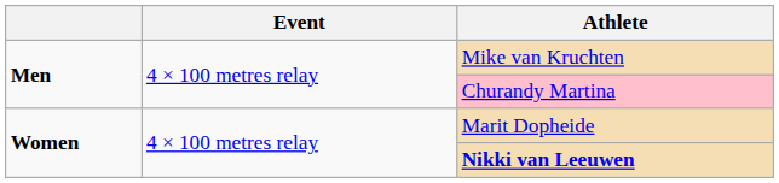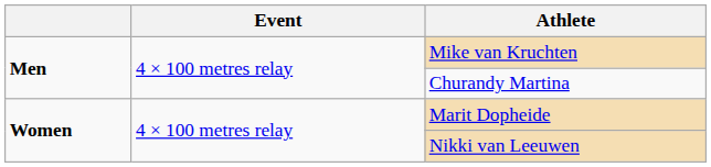 <table class=wikitable style="font-size:90%" width=60%>
 <tr>
 <th></th>
 <th>Event</th>
 <th>Athlete</th>
 </tr>
 <tr>
 <td rowspan=2><strong>Men</strong></td>
 <td rowspan=2><a href='#'>4 × 100 metres relay</a></td>
 <td bgcolor="wheat"><a href='#'>Mike van Kruchten</a></td>
 </tr>
 <tr>
-<td style="background: pink;"><a href='#'>Churandy Martina</a></td>
+<td><a href='#'>Churandy Martina</a></td>
 </tr>
 <tr>
 <td rowspan=2><strong>Women</strong></td>
 <td rowspan=2><a href='#'>4 × 100 metres relay</a></td>
 <td bgcolor="wheat"><a href='#'>Marit Dopheide</a></td>
 </tr>
 <tr>
-<td bgcolor="wheat"><strong><a href='#'>Nikki van Leeuwen</a></strong></td>
+<td bgcolor="wheat"><a href='#'>Nikki van Leeuwen</a></td>
 </tr>
 </table>
